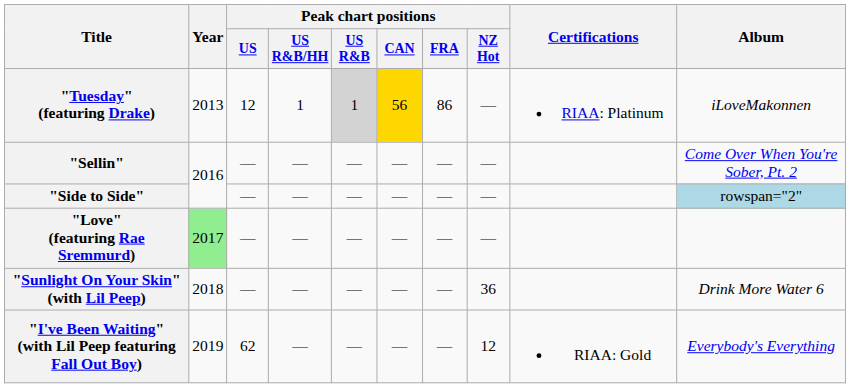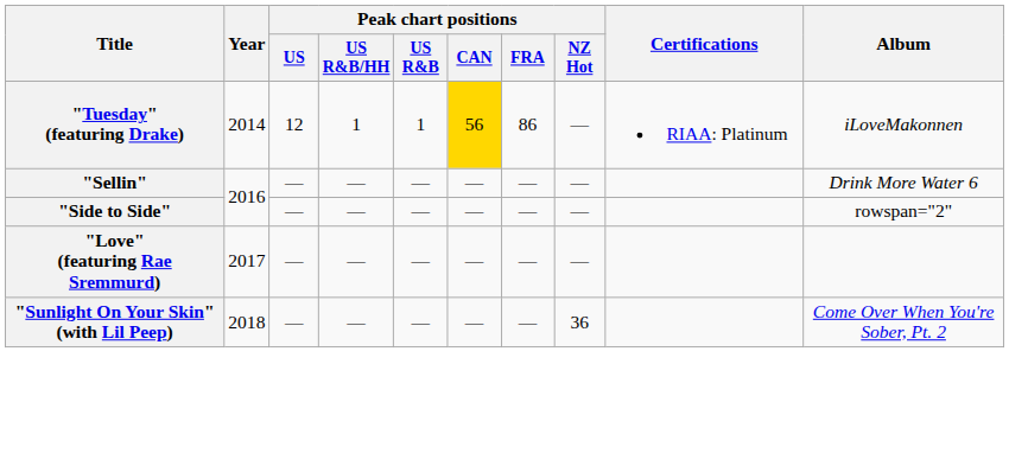 <table class="wikitable plainrowheaders" style="text-align:center;">
 <tr>
 <th scope="col" rowspan="2" style="width:14em;">Title</th>
 <th scope="col" rowspan="2">Year</th>
 <th scope="col" colspan="6">Peak chart positions</th>
 <th scope="col" rowspan="2" style="width:12em;"><a href='#'>Certifications</a></th>
 <th scope="col" rowspan="2" style="width:12em;">Album</th>
 </tr>
 <tr>
 <th scope="col" style="width:3em;font-size:90%;"><a href='#'>US</a><br></th>
 <th scope="col" style="width:3em;font-size:90%;"><a href='#'>US<br>R&B/HH</a><br></th>
 <th scope="col" style="width:3em;font-size:90%;"><a href='#'>US<br>R&B</a><br></th>
 <th scope="col" style="width:3em;font-size:90%;"><a href='#'>CAN</a><br></th>
 <th scope="col" style="width:3em;font-size:90%;"><a href='#'>FRA</a><br></th>
 <th scope="col" style="width:3em;font-size:90%;"><a href='#'>NZ</a><br><a href='#'>Hot</a><br></th>
 </tr>
 <tr>
 <th scope="row">"<a href='#'>Tuesday</a>"<br><span>(featuring <a href='#'>Drake</a>)</span></th>
-<td>2013</td>
+<td>2014</td>
 <td>12</td>
 <td>1</td>
-<td style="background: lightgrey;">1</td>
+<td>1</td>
 <td style="background: gold;">56</td>
 <td>86</td>
 <td>—</td>
 <td><br><ul><li><a href='#'>RIAA</a>: Platinum</li></ul></td>
 <td><em>iLoveMakonnen</em></td>
 </tr>
 <tr>
 <th scope="row">"Sellin"</th>
 <td rowspan="2">2016</td>
 <td>—</td>
 <td>—</td>
 <td>—</td>
 <td>—</td>
 <td>—</td>
 <td>—</td>
 <td></td>
-<td><em><a href='#'>Come Over When You're Sober, Pt. 2</a></em></td>
+<td><em>Drink More Water 6</em></td>
 </tr>
 <tr>
 <th scope="row">"Side to Side"</th>
 <td>—</td>
 <td>—</td>
 <td>—</td>
 <td>—</td>
 <td>—</td>
 <td>—</td>
 <td></td>
-<td style="background: lightblue;">rowspan="2" </td>
+<td>rowspan="2" </td>
 </tr>
 <tr>
 <th scope="row">"Love"<br><span>(featuring <a href='#'>Rae Sremmurd</a>)</span></th>
-<td style="background: lightgreen;">2017</td>
+<td>2017</td>
 <td>—</td>
 <td>—</td>
 <td>—</td>
 <td>—</td>
 <td>—</td>
 <td>—</td>
 <td></td>
 </tr>
 <tr>
 <th scope="row">"<a href='#'>Sunlight On Your Skin</a>"<br><span>(with <a href='#'>Lil Peep</a>)</span></th>
 <td>2018</td>
 <td>—</td>
 <td>—</td>
 <td>—</td>
 <td>—</td>
 <td>—</td>
 <td>36</td>
 <td></td>
-<td><em>Drink More Water 6</em></td>
-</tr>
-<tr>
-<th scope="row">"<a href='#'>I've Been Waiting</a>"<br><span>(with Lil Peep featuring <a href='#'>Fall Out Boy</a>)</span></th>
-<td>2019</td>
-<td>62</td>
-<td>—</td>
-<td>—</td>
-<td>—</td>
-<td>—</td>
-<td>12</td>
-<td><br><ul><li>RIAA: Gold</li></ul></td>
-<td><em><a href='#'>Everybody's Everything</a></em></td>
+<td><em><a href='#'>Come Over When You're Sober, Pt. 2</a></em></td>
 </tr>
 </table>
